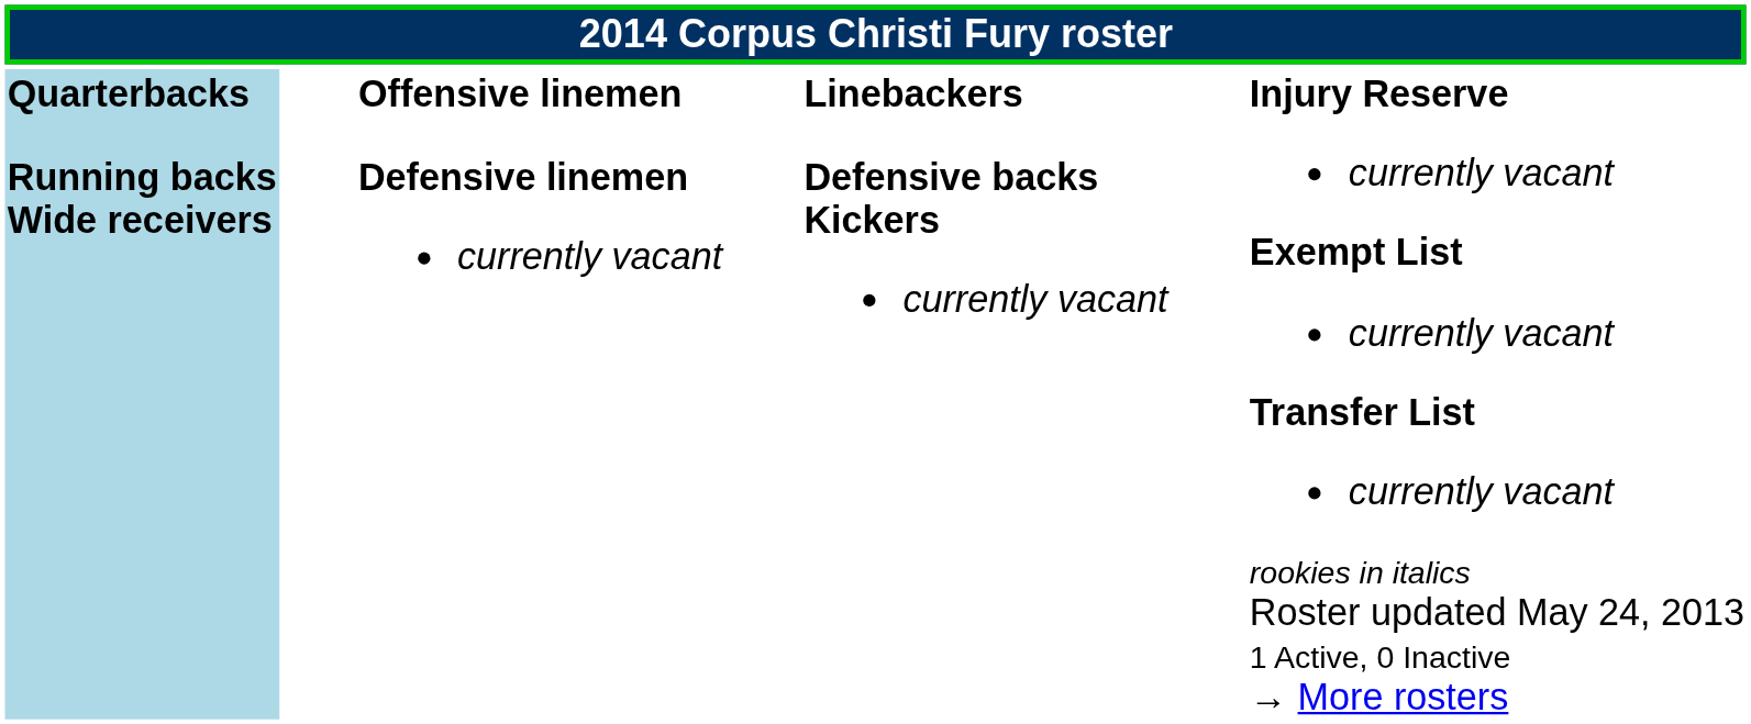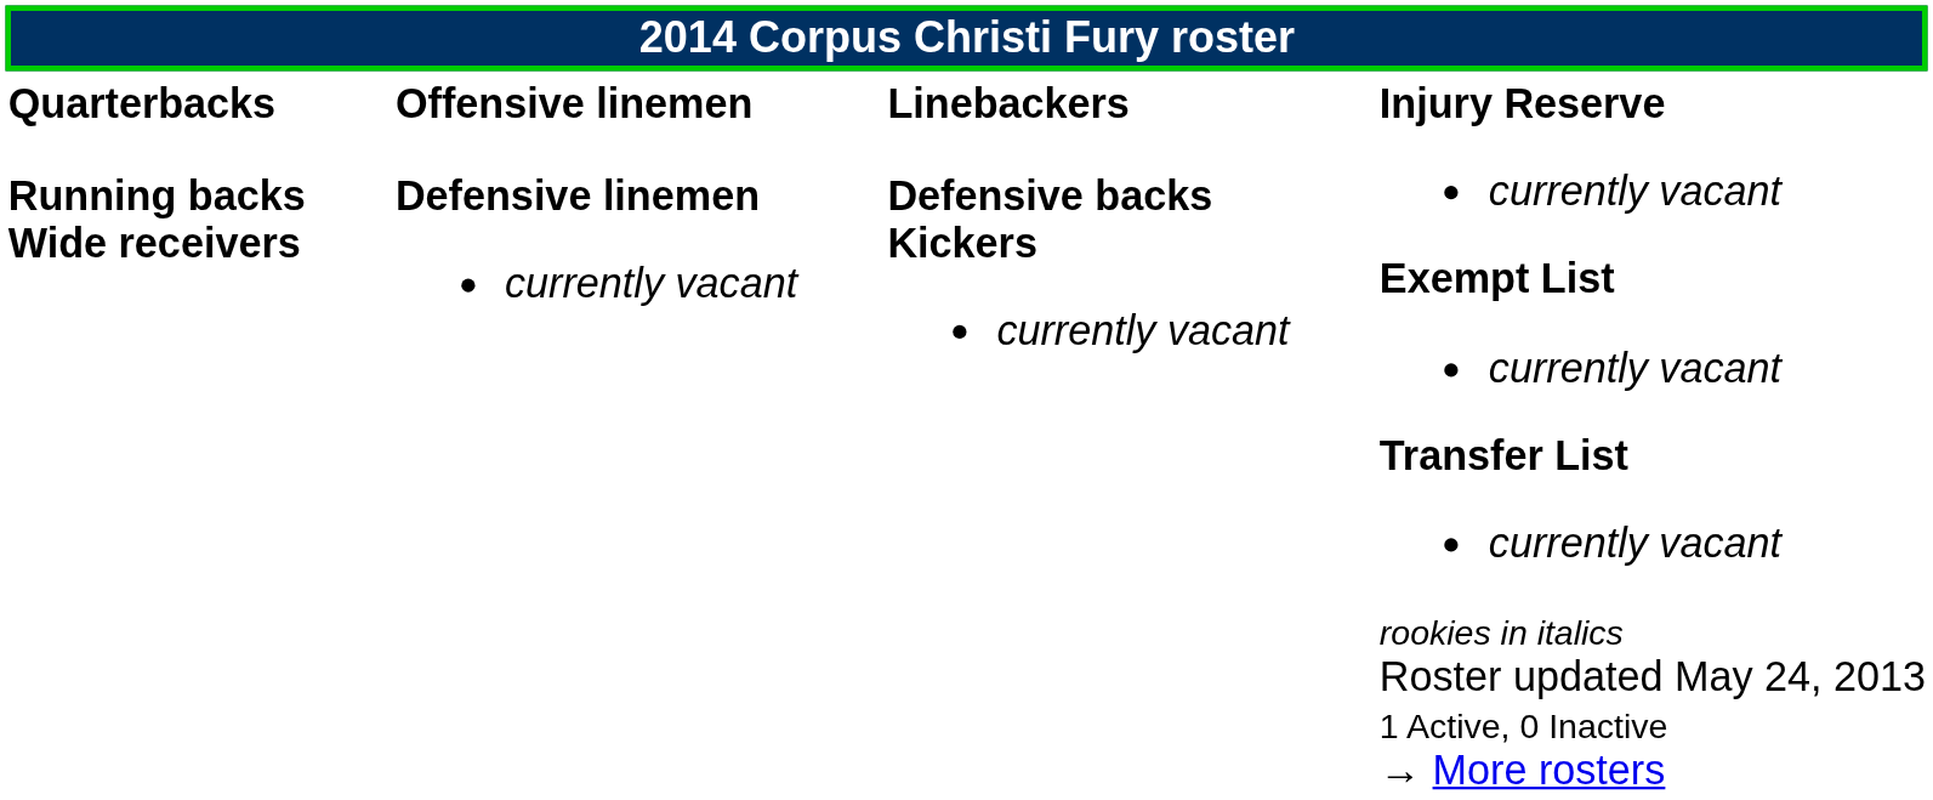 <table class="toccolours" style="text-align: left;">
 <tr>
 <th colspan="7" style="background:#003162; border:2px solid #00CD00; color:#FFFFFF; text-align:center;"><strong>2014 Corpus Christi Fury roster</strong></th>
 </tr>
 <tr>
-<td style="background: lightblue; font-size: 95%;" valign="top"><strong>Quarterbacks</strong><br><br><strong>Running backs</strong> <br><strong>Wide receivers</strong>    </td>
+<td style="font-size: 95%;" valign="top"><strong>Quarterbacks</strong><br><br><strong>Running backs</strong> <br><strong>Wide receivers</strong>    </td>
 <td style="width: 25px;"></td>
 <td style="font-size: 95%;" valign="top"><strong>Offensive linemen</strong><br><br><strong>Defensive linemen</strong><ul><li><em>currently vacant</em></li></ul></td>
 <td style="width: 25px;"></td>
 <td style="font-size: 95%;" valign="top"><strong>Linebackers</strong><br> <br><strong>Defensive backs</strong> <br><strong>Kickers</strong><ul><li><em>currently vacant</em></li></ul></td>
 <td style="width: 25px;"></td>
 <td style="font-size: 95%;" valign="top"><strong>Injury Reserve</strong><br><ul><li><em>currently vacant</em></li></ul><strong>Exempt List</strong><ul><li><em>currently vacant</em></li></ul><strong>Transfer List</strong><ul><li><em>currently vacant</em></li></ul><small><em>rookies in italics</em></small><br> Roster updated May 24, 2013<br> <small>1 Active, 0 Inactive</small><br>→ <a href='#'>More rosters</a></td>
 </tr>
 <tr>
 </tr>
 </table>
